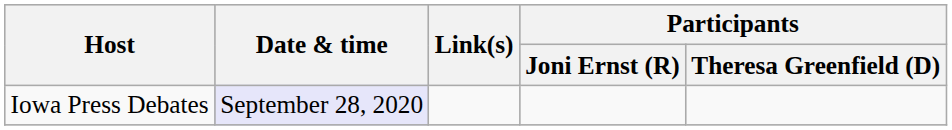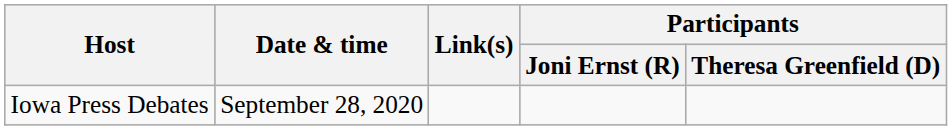 <table class="wikitable sortable">
 <tr>
 <th rowspan="2">Host</th>
 <th rowspan="2">Date & time</th>
 <th rowspan="2">Link(s)</th>
 <th colspan="2">Participants</th>
 </tr>
 <tr>
 <th>Joni Ernst (R)</th>
 <th>Theresa Greenfield (D)</th>
 </tr>
 <tr>
 <td align="center">Iowa Press Debates</td>
-<td align="center" style="background: lavender;">September 28, 2020</td>
+<td align="center">September 28, 2020</td>
 <td align="center"></td>
 <td></td>
 <td></td>
 </tr>
 </table>
